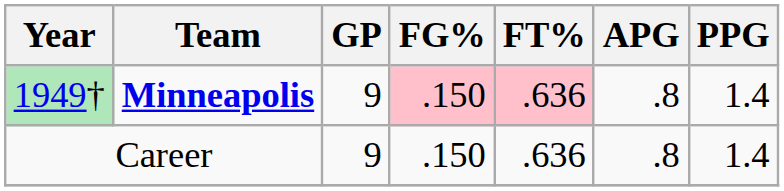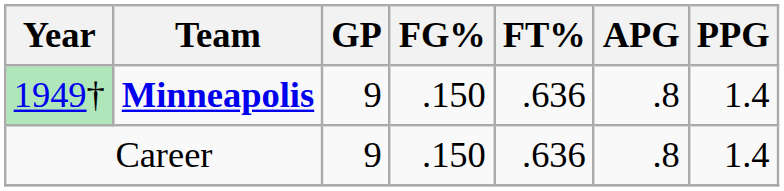 <table class="wikitable sortable" style="font-size:95%; text-align:right;">
 <tr>
 <th>Year</th>
 <th>Team</th>
 <th>GP</th>
 <th>FG%</th>
 <th>FT%</th>
 <th>APG</th>
 <th>PPG</th>
 </tr>
 <tr>
 <td style="text-align:left; background:#afe6ba;"><a href='#'>1949</a>†</td>
 <td style="text-align:left;"><strong><a href='#'>Minneapolis</a></strong></td>
 <td>9</td>
-<td style="background: pink;">.150</td>
-<td style="background: pink;">.636</td>
+<td>.150</td>
+<td>.636</td>
 <td>.8</td>
 <td>1.4</td>
 </tr>
 <tr>
 <td style="text-align:center;" colspan="2">Career</td>
 <td>9</td>
 <td>.150</td>
 <td>.636</td>
 <td>.8</td>
 <td>1.4</td>
 </tr>
 <tr>
 </tr>
 </table>
